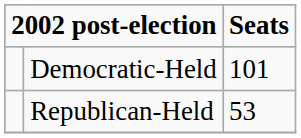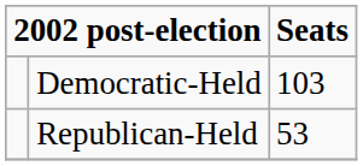 <table class="wikitable">
 <tr>
 <td colspan="2" rowspan="1" align="center" valign="top"><strong>2002 post-election</strong></td>
 <td style="vertical-align:top;"><strong>Seats</strong><br></td>
 </tr>
 <tr>
 <td style="background-color:"> </td>
 <td>Democratic-Held</td>
-<td>101</td>
+<td>103</td>
 </tr>
 <tr>
 <td style="background-color:"> </td>
 <td>Republican-Held</td>
 <td>53</td>
 </tr>
 <tr>
 </tr>
 </table>
